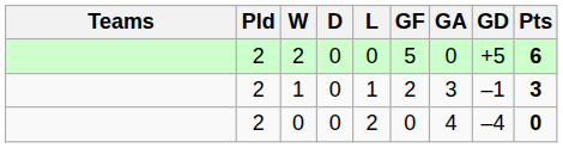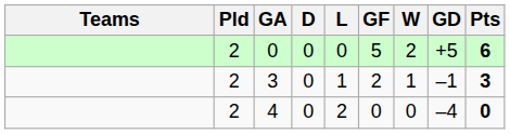 <table class="wikitable" style="text-align: center;">
 <tr>
 <th width=165>Teams</th>
 <th width=20>Pld</th>
-<th width=20>W</th>
+<th width=20>GA</th>
 <th width=20>D</th>
 <th width=20>L</th>
 <th width=20>GF</th>
-<th width=20>GA</th>
+<th width=20>W</th>
 <th width=20>GD</th>
 <th width=20>Pts</th>
 </tr>
 <tr align=center style="background:#ccffcc;">
 <td style="text-align:left;"></td>
 <td>2</td>
-<td>2</td>
+<td>0</td>
 <td>0</td>
 <td>0</td>
 <td>5</td>
-<td>0</td>
+<td>2</td>
 <td>+5</td>
 <td><strong>6</strong></td>
 </tr>
 <tr align=center>
 <td style="text-align:left;"></td>
 <td>2</td>
-<td>1</td>
+<td>3</td>
 <td>0</td>
 <td>1</td>
 <td>2</td>
-<td>3</td>
+<td>1</td>
 <td>–1</td>
 <td><strong>3</strong></td>
 </tr>
 <tr align=center>
 <td style="text-align:left;"></td>
 <td>2</td>
-<td>0</td>
+<td>4</td>
 <td>0</td>
 <td>2</td>
 <td>0</td>
-<td>4</td>
+<td>0</td>
 <td>–4</td>
 <td><strong>0</strong></td>
 </tr>
 </table>
